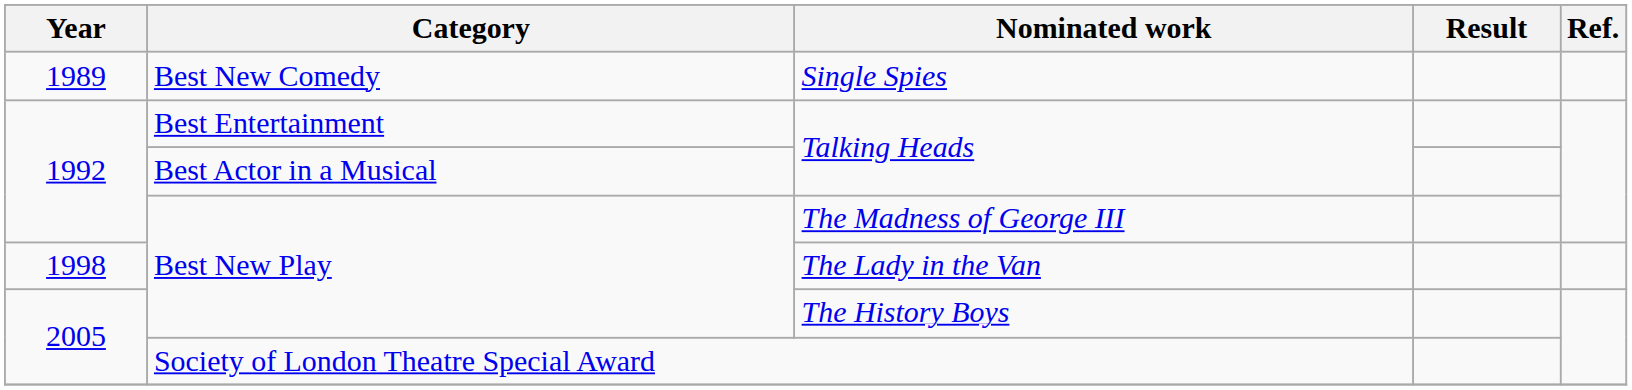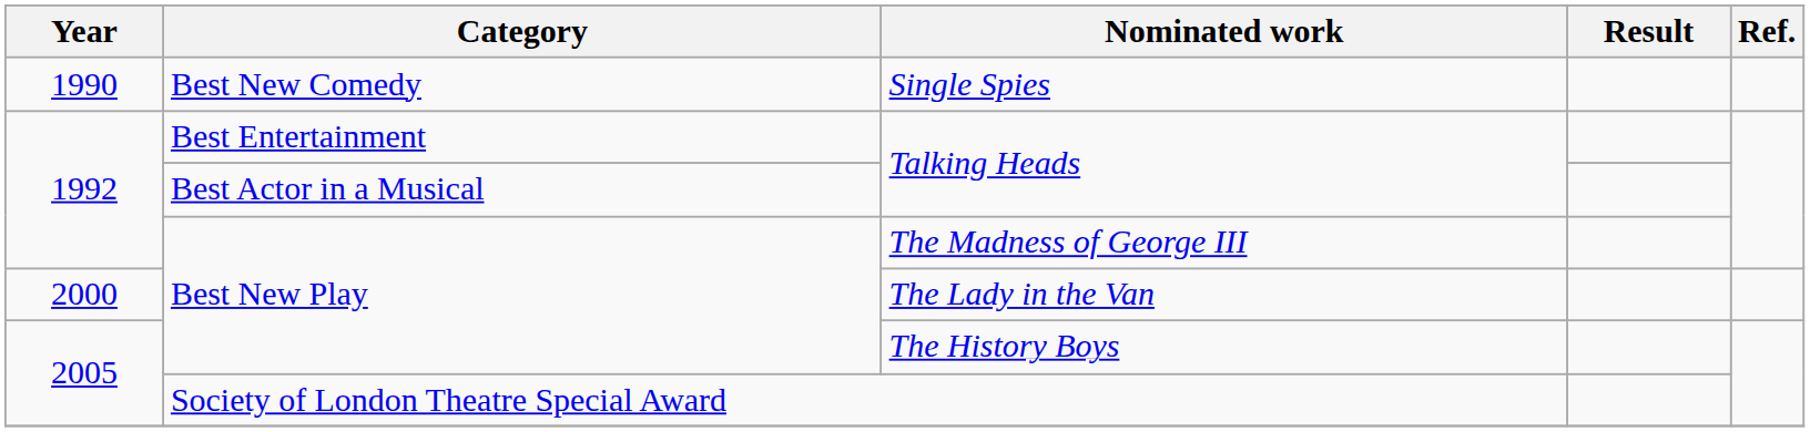 <table class=wikitable>
 <tr>
 <th scope="col" style="width:5em;">Year</th>
 <th scope="col" style="width:26em;">Category</th>
 <th scope="col" style="width:25em;">Nominated work</th>
 <th scope="col" style="width:5em;">Result</th>
 <th>Ref.</th>
 </tr>
 <tr>
-<td style="text-align:center;"><a href='#'>1989</a></td>
+<td style="text-align:center;"><a href='#'>1990</a></td>
 <td><a href='#'>Best New Comedy</a></td>
 <td><em><a href='#'>Single Spies</a></em></td>
 <td></td>
 <td style="text-align:center;"></td>
 </tr>
 <tr>
 <td style="text-align:center;", rowspan=3><a href='#'>1992</a></td>
 <td><a href='#'>Best Entertainment</a></td>
 <td rowspan=2><em><a href='#'>Talking Heads</a></em></td>
 <td></td>
 <td rowspan=3, style="text-align:center;"></td>
 </tr>
 <tr>
 <td><a href='#'>Best Actor in a Musical</a></td>
 <td></td>
 </tr>
 <tr>
 <td rowspan=3><a href='#'>Best New Play</a></td>
 <td><em><a href='#'>The Madness of George III</a></em></td>
 <td></td>
 </tr>
 <tr>
-<td style="text-align:center;"><a href='#'>1998</a></td>
+<td style="text-align:center;"><a href='#'>2000</a></td>
 <td><em><a href='#'>The Lady in the Van</a></em></td>
 <td></td>
 <td style="text-align:center;"></td>
 </tr>
 <tr>
 <td style="text-align:center;", rowspan=2><a href='#'>2005</a></td>
 <td><em><a href='#'>The History Boys</a></em></td>
 <td></td>
 <td rowspan=2, style="text-align:center;"></td>
 </tr>
 <tr>
 <td colspan=2><a href='#'>Society of London Theatre Special Award</a></td>
 <td></td>
 </tr>
 <tr>
 </tr>
 </table>
